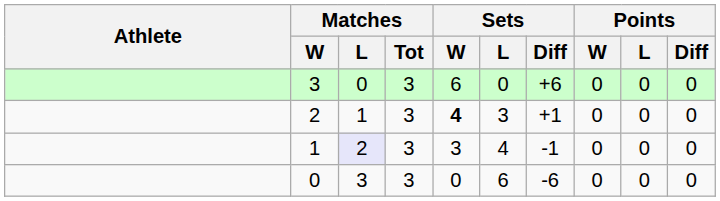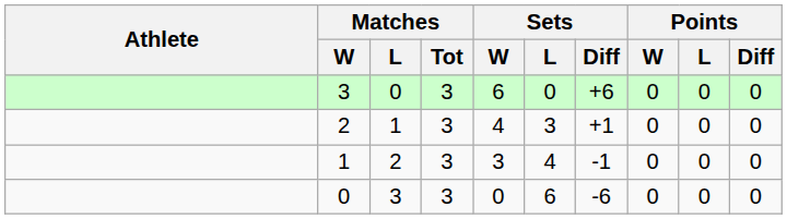 <table class=wikitable style="text-align:center">
 <tr>
 <th rowspan=2 width=220>Athlete</th>
 <th colspan=3 width=90>Matches</th>
 <th colspan=3 width=90>Sets</th>
 <th colspan=3 width=90>Points</th>
 </tr>
 <tr>
 <th width=30>W</th>
 <th width=30>L</th>
 <th width=30>Tot</th>
 <th width=30>W</th>
 <th width=30>L</th>
 <th width=30>Diff</th>
 <th width=30>W</th>
 <th width=30>L</th>
 <th width=30>Diff</th>
 </tr>
 <tr bgcolor=ccffcc>
 <td style="text-align:left"></td>
 <td>3</td>
 <td>0</td>
 <td>3</td>
 <td>6</td>
 <td>0</td>
 <td>+6</td>
 <td>0</td>
 <td>0</td>
 <td>0</td>
 </tr>
 <tr>
 <td style="text-align:left"></td>
 <td>2</td>
 <td>1</td>
 <td>3</td>
-<td><strong>4</strong></td>
+<td>4</td>
 <td>3</td>
 <td>+1</td>
 <td>0</td>
 <td>0</td>
 <td>0</td>
 </tr>
 <tr>
 <td style="text-align:left"></td>
 <td>1</td>
-<td style="background: lavender;">2</td>
+<td>2</td>
 <td>3</td>
 <td>3</td>
 <td>4</td>
 <td>-1</td>
 <td>0</td>
 <td>0</td>
 <td>0</td>
 </tr>
 <tr>
 <td style="text-align:left"></td>
 <td>0</td>
 <td>3</td>
 <td>3</td>
 <td>0</td>
 <td>6</td>
 <td>-6</td>
 <td>0</td>
 <td>0</td>
 <td>0</td>
 </tr>
 </table>
